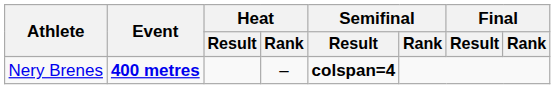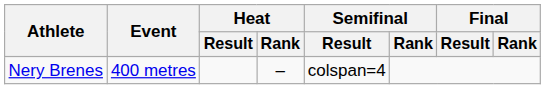 <table class=wikitable style=font-size:90%>
 <tr>
 <th rowspan=2>Athlete</th>
 <th rowspan=2>Event</th>
 <th colspan=2>Heat</th>
 <th colspan=2>Semifinal</th>
 <th colspan=2>Final</th>
 </tr>
 <tr style=font-size:95%>
 <th>Result</th>
 <th>Rank</th>
 <th>Result</th>
 <th>Rank</th>
 <th>Result</th>
 <th>Rank</th>
 </tr>
 <tr align=center>
 <td align=left><a href='#'>Nery Brenes</a></td>
-<td align=left><strong><a href='#'>400 metres</a></strong></td>
+<td align=left><a href='#'>400 metres</a></td>
 <td></td>
 <td>–</td>
-<td><strong>colspan=4 </strong></td>
+<td>colspan=4 </td>
 </tr>
 </table>
